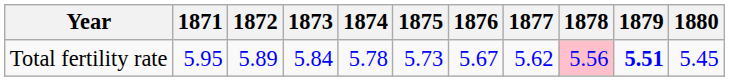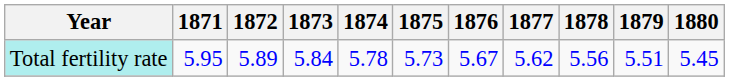 <table class="wikitable " style="text-align:right">
 <tr>
 <th>Year</th>
 <th>1871</th>
 <th>1872</th>
 <th>1873</th>
 <th>1874</th>
 <th>1875</th>
 <th>1876</th>
 <th>1877</th>
 <th>1878</th>
 <th>1879</th>
 <th>1880</th>
 </tr>
 <tr>
-<td align="left">Total fertility rate</td>
+<td align="left" style="background: paleturquoise;">Total fertility rate</td>
 <td style="text-align:right; color:blue;">5.95</td>
 <td style="text-align:right; color:blue;">5.89</td>
 <td style="text-align:right; color:blue;">5.84</td>
 <td style="text-align:right; color:blue;">5.78</td>
 <td style="text-align:right; color:blue;">5.73</td>
 <td style="text-align:right; color:blue;">5.67</td>
 <td style="text-align:right; color:blue;">5.62</td>
-<td style="background: pink; text-align:right; color:blue;">5.56</td>
-<td style="text-align:right; color:blue;"><strong>5.51</strong></td>
+<td style="text-align:right; color:blue;">5.56</td>
+<td style="text-align:right; color:blue;">5.51</td>
 <td style="text-align:right; color:blue;">5.45</td>
 </tr>
 </table>
